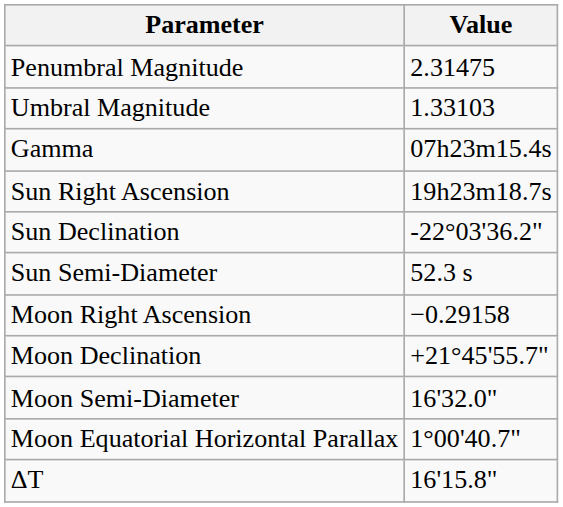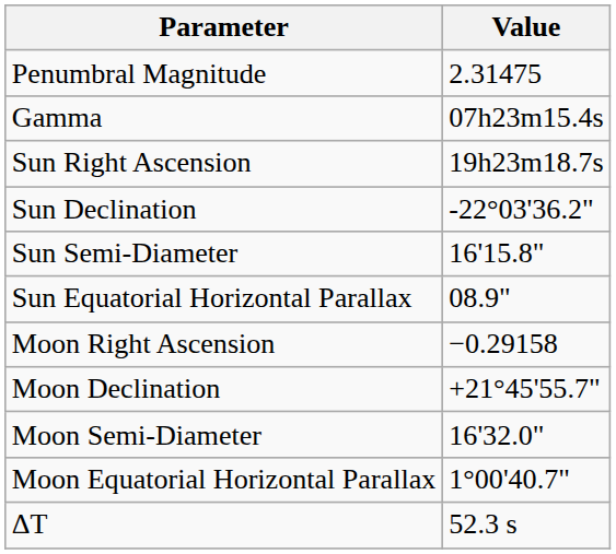 <table class="wikitable">
 <tr>
 <th>Parameter</th>
 <th>Value</th>
 </tr>
 <tr>
 <td>Penumbral Magnitude</td>
 <td>2.31475</td>
-</tr>
-<tr>
-<td>Umbral Magnitude</td>
-<td>1.33103</td>
 </tr>
 <tr>
 <td>Gamma</td>
 <td>07h23m15.4s</td>
 </tr>
 <tr>
 <td>Sun Right Ascension</td>
 <td>19h23m18.7s</td>
 </tr>
 <tr>
 <td>Sun Declination</td>
 <td>-22°03'36.2"</td>
 </tr>
 <tr>
 <td>Sun Semi-Diameter</td>
-<td>52.3 s</td>
+<td>16'15.8"</td>
+</tr>
+<tr>
+<td>Sun Equatorial Horizontal Parallax</td>
+<td>08.9"</td>
 </tr>
 <tr>
 <td>Moon Right Ascension</td>
 <td>−0.29158</td>
 </tr>
 <tr>
 <td>Moon Declination</td>
 <td>+21°45'55.7"</td>
 </tr>
 <tr>
 <td>Moon Semi-Diameter</td>
 <td>16'32.0"</td>
 </tr>
 <tr>
 <td>Moon Equatorial Horizontal Parallax</td>
 <td>1°00'40.7"</td>
 </tr>
 <tr>
 <td>ΔT</td>
-<td>16'15.8"</td>
+<td>52.3 s</td>
 </tr>
 </table>
